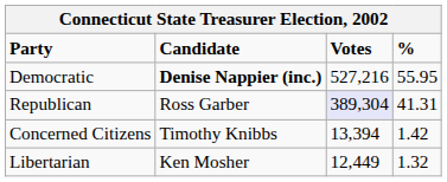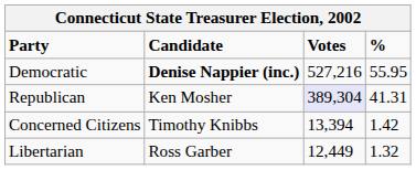 <table class="wikitable">
 <tr>
 <th colspan="4">Connecticut State Treasurer Election, 2002</th>
 </tr>
 <tr>
 <td><strong>Party</strong></td>
 <td><strong>Candidate</strong></td>
 <td><strong>Votes</strong></td>
 <td><strong>%</strong></td>
 </tr>
 <tr>
 <td>Democratic</td>
 <td><strong>Denise Nappier (inc.)</strong></td>
 <td>527,216</td>
 <td>55.95</td>
 </tr>
 <tr>
 <td>Republican</td>
-<td>Ross Garber</td>
+<td>Ken Mosher</td>
 <td style="background: lavender;">389,304</td>
 <td>41.31</td>
 </tr>
 <tr>
 <td>Concerned Citizens</td>
 <td>Timothy Knibbs</td>
 <td>13,394</td>
 <td>1.42</td>
 </tr>
 <tr>
 <td>Libertarian</td>
-<td>Ken Mosher</td>
+<td>Ross Garber</td>
 <td>12,449</td>
 <td>1.32</td>
 </tr>
 </table>
